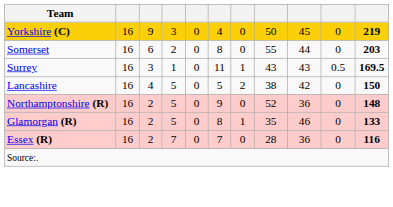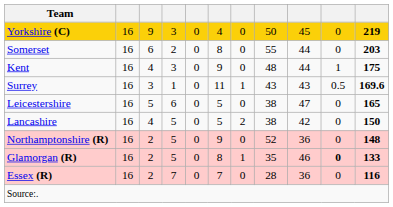 <table class="wikitable" style="text-align:center">
 <tr>
 <th width=150>Team</th>
 <th width=25></th>
 <th width=25></th>
 <th width=25></th>
 <th width=25></th>
 <th width=25></th>
 <th width=25></th>
 <th width=40></th>
 <th width=40></th>
 <th width=40></th>
 <th width=40></th>
 </tr>
 <tr style="background:#fbd009">
 <td style="text-align:left;"><a href='#'>Yorkshire</a> <strong>(C)</strong></td>
 <td>16</td>
 <td>9</td>
 <td>3</td>
 <td>0</td>
 <td>4</td>
 <td>0</td>
 <td>50</td>
 <td>45</td>
 <td>0</td>
 <td><strong>219</strong></td>
 </tr>
 <tr>
 <td style="text-align:left;"><a href='#'>Somerset</a></td>
 <td>16</td>
 <td>6</td>
 <td>2</td>
 <td>0</td>
 <td>8</td>
 <td>0</td>
 <td>55</td>
 <td>44</td>
 <td>0</td>
 <td><strong>203</strong></td>
 </tr>
 <tr>
+<td style="text-align:left;"><a href='#'>Kent</a></td>
+<td>16</td>
+<td>4</td>
+<td>3</td>
+<td>0</td>
+<td>9</td>
+<td>0</td>
+<td>48</td>
+<td>44</td>
+<td>1</td>
+<td><strong>175</strong></td>
+</tr>
+<tr>
 <td style="text-align:left;"><a href='#'>Surrey</a></td>
 <td>16</td>
 <td>3</td>
 <td>1</td>
 <td>0</td>
 <td>11</td>
 <td>1</td>
 <td>43</td>
 <td>43</td>
 <td>0.5</td>
-<td><strong>169.5</strong></td>
+<td><strong>169.6</strong></td>
+</tr>
+<tr>
+<td style="text-align:left;"><a href='#'>Leicestershire</a></td>
+<td>16</td>
+<td>5</td>
+<td>6</td>
+<td>0</td>
+<td>5</td>
+<td>0</td>
+<td>38</td>
+<td>47</td>
+<td>0</td>
+<td><strong>165</strong></td>
 </tr>
 <tr>
 <td style="text-align:left;"><a href='#'>Lancashire</a></td>
 <td>16</td>
 <td>4</td>
 <td>5</td>
 <td>0</td>
 <td>5</td>
 <td>2</td>
 <td>38</td>
 <td>42</td>
 <td>0</td>
 <td><strong>150</strong></td>
 </tr>
 <tr style="background:#ffcccc">
 <td style="text-align:left;"><a href='#'>Northamptonshire</a> <strong>(R)</strong></td>
 <td>16</td>
 <td>2</td>
 <td>5</td>
 <td>0</td>
 <td>9</td>
 <td>0</td>
 <td>52</td>
 <td>36</td>
 <td>0</td>
 <td><strong>148</strong></td>
 </tr>
 <tr style="background:#ffcccc">
 <td style="text-align:left;"><a href='#'>Glamorgan</a> <strong>(R)</strong></td>
 <td>16</td>
 <td>2</td>
 <td>5</td>
 <td>0</td>
 <td>8</td>
 <td>1</td>
 <td>35</td>
 <td>46</td>
-<td>0</td>
+<td><strong>0</strong></td>
 <td><strong>133</strong></td>
 </tr>
 <tr style="background:#ffcccc">
 <td style="text-align:left;"><a href='#'>Essex</a> <strong>(R)</strong></td>
 <td>16</td>
 <td>2</td>
 <td>7</td>
 <td>0</td>
 <td>7</td>
 <td>0</td>
 <td>28</td>
 <td>36</td>
 <td>0</td>
 <td><strong>116</strong></td>
 </tr>
 <tr>
 <td colspan=11 align="left"><small>Source:.</small></td>
 </tr>
 </table>
